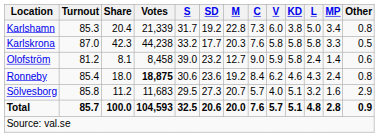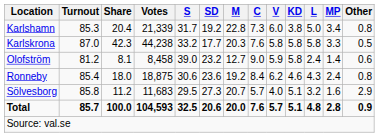 <table class="wikitable sortable" style=text-align:right>
 <tr>
 <th>Location</th>
 <th>Turnout</th>
 <th>Share</th>
 <th>Votes</th>
 <th><a href='#'>S</a></th>
 <th><a href='#'>SD</a></th>
 <th><a href='#'>M</a></th>
 <th><a href='#'>C</a></th>
 <th><a href='#'>V</a></th>
 <th><a href='#'>KD</a></th>
 <th><a href='#'>L</a></th>
 <th><a href='#'>MP</a></th>
 <th>Other</th>
 </tr>
 <tr>
 <td align=left><a href='#'>Karlshamn</a></td>
 <td>85.3</td>
 <td>20.4</td>
 <td>21,339</td>
 <td>31.7</td>
 <td>19.2</td>
 <td>22.8</td>
 <td>7.3</td>
 <td>6.0</td>
 <td>3.8</td>
 <td>5.0</td>
 <td>3.4</td>
 <td>0.8</td>
 </tr>
 <tr>
 <td align=left><a href='#'>Karlskrona</a></td>
 <td>87.0</td>
 <td>42.3</td>
 <td>44,238</td>
 <td>33.2</td>
 <td>17.7</td>
 <td>20.3</td>
 <td>7.6</td>
 <td>5.8</td>
 <td>5.8</td>
 <td>5.8</td>
 <td>3.3</td>
 <td>0.5</td>
 </tr>
 <tr>
 <td align=left><a href='#'>Olofström</a></td>
 <td>81.2</td>
 <td>8.1</td>
 <td>8,458</td>
 <td>39.0</td>
 <td>23.2</td>
 <td>12.7</td>
 <td>9.0</td>
 <td>5.9</td>
 <td>5.8</td>
 <td>2.4</td>
 <td>1.4</td>
 <td>0.6</td>
 </tr>
 <tr>
 <td align=left><a href='#'>Ronneby</a></td>
 <td>85.4</td>
 <td>18.0</td>
-<td><strong>18,875</strong></td>
+<td>18,875</td>
 <td>30.6</td>
 <td>23.6</td>
 <td>19.2</td>
 <td>8.4</td>
 <td>6.2</td>
 <td>4.6</td>
 <td>4.3</td>
 <td>2.4</td>
 <td>0.8</td>
 </tr>
 <tr>
 <td align=left><a href='#'>Sölvesborg</a></td>
 <td>85.8</td>
 <td>11.2</td>
 <td>11,683</td>
 <td>29.5</td>
 <td>27.3</td>
 <td>20.7</td>
 <td>5.7</td>
 <td>4.0</td>
 <td>5.1</td>
 <td>3.2</td>
 <td>1.6</td>
 <td>2.9</td>
 </tr>
 <tr>
 <td align=left><strong>Total</strong></td>
 <td><strong>85.7</strong></td>
 <td><strong>100.0</strong></td>
 <td><strong>104,593</strong></td>
 <td><strong>32.5</strong></td>
 <td><strong>20.6</strong></td>
 <td><strong>20.0</strong></td>
 <td><strong>7.6</strong></td>
 <td><strong>5.7</strong></td>
 <td><strong>5.1</strong></td>
 <td><strong>4.8</strong></td>
 <td><strong>2.8</strong></td>
 <td><strong>0.9</strong></td>
 </tr>
 <tr>
 <td align=left colspan=13>Source: val.se</td>
 </tr>
 </table>
